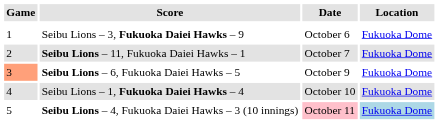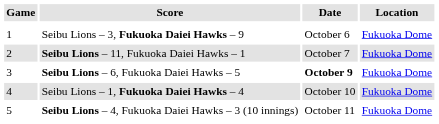 <table border="0" cellspacing="3" cellpadding="3">
 <tr style="background: #e3e3e3;">
 <th>Game</th>
 <th>Score</th>
 <th>Date</th>
 <th>Location</th>
 </tr>
 <tr style="background: #e3e3e3;">
 </tr>
 <tr>
 <td>1</td>
 <td>Seibu Lions – 3, <strong>Fukuoka Daiei Hawks</strong> – 9</td>
 <td>October 6</td>
 <td><a href='#'>Fukuoka Dome</a></td>
 </tr>
 <tr style="background: #e3e3e3;">
 <td>2</td>
 <td><strong>Seibu Lions</strong> – 11, Fukuoka Daiei Hawks – 1</td>
 <td>October 7</td>
 <td><a href='#'>Fukuoka Dome</a></td>
 </tr>
 <tr>
-<td style="background: lightsalmon;">3</td>
+<td>3</td>
 <td><strong>Seibu Lions</strong> – 6, Fukuoka Daiei Hawks – 5</td>
-<td>October 9</td>
+<td><strong>October 9</strong></td>
 <td><a href='#'>Fukuoka Dome</a></td>
 </tr>
 <tr style="background: #e3e3e3;">
 <td>4</td>
 <td>Seibu Lions – 1, <strong>Fukuoka Daiei Hawks</strong> – 4</td>
 <td>October 10</td>
 <td><a href='#'>Fukuoka Dome</a></td>
 </tr>
 <tr>
 <td>5</td>
 <td><strong>Seibu Lions</strong> – 4, Fukuoka Daiei Hawks – 3 (10 innings)</td>
-<td style="background: pink;">October 11</td>
-<td style="background: lightblue;"><a href='#'>Fukuoka Dome</a></td>
+<td>October 11</td>
+<td><a href='#'>Fukuoka Dome</a></td>
 </tr>
 </table>
